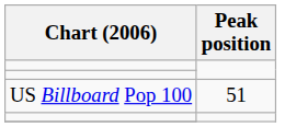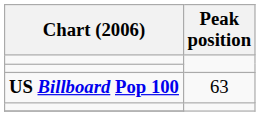 <table class="wikitable sortable">
 <tr>
 <th align="left">Chart (2006)</th>
 <th align="center">Peak<br>position</th>
 </tr>
 <tr>
 <td></td>
 </tr>
 <tr>
 <td></td>
 </tr>
 <tr>
-<td align="left">US <em><a href='#'>Billboard</a></em> <a href='#'>Pop 100</a></td>
-<td align="center">51</td>
+<td align="left"><strong>US <em><a href='#'>Billboard</a></em> <a href='#'>Pop 100</a></strong></td>
+<td align="center">63</td>
 </tr>
 <tr>
 <td></td>
 </tr>
 <tr>
 </tr>
 </table>
